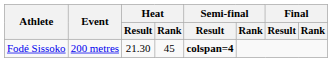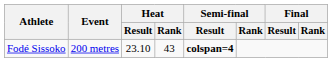 <table class="wikitable" style="font-size:90%">
 <tr>
 <th rowspan="2">Athlete</th>
 <th rowspan="2">Event</th>
 <th colspan="2">Heat</th>
 <th colspan="2">Semi-final</th>
 <th colspan="2">Final</th>
 </tr>
 <tr style="font-size:95%">
 <th>Result</th>
 <th>Rank</th>
 <th>Result</th>
 <th>Rank</th>
 <th>Result</th>
 <th>Rank</th>
 </tr>
 <tr style=text-align:center>
 <td style=text-align:left><a href='#'>Fodé Sissoko</a></td>
 <td style=text-align:left><a href='#'>200 metres</a></td>
-<td>21.30</td>
-<td>45</td>
+<td>23.10</td>
+<td>43</td>
 <td><strong>colspan=4</strong></td>
 </tr>
 </table>
